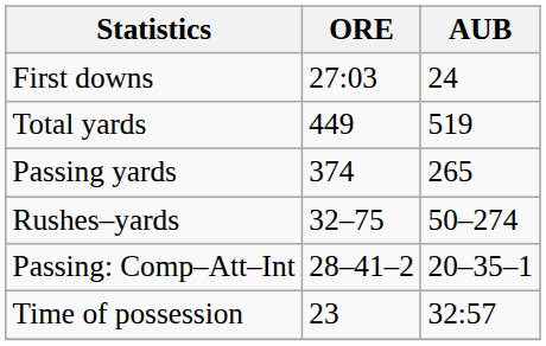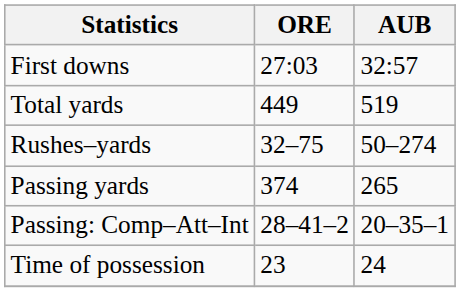 <table class="wikitable" style="float: left;">
 <tr>
 <th>Statistics</th>
 <th>ORE</th>
 <th>AUB</th>
 </tr>
 <tr>
 <td>First downs</td>
 <td>27:03</td>
-<td>24</td>
+<td>32:57</td>
 </tr>
 <tr>
 <td>Total yards</td>
 <td>449</td>
 <td>519</td>
 </tr>
 <tr>
+<td>Rushes–yards</td>
+<td>32–75</td>
+<td>50–274</td>
+</tr>
+<tr>
 <td>Passing yards</td>
 <td>374</td>
 <td>265</td>
-</tr>
-<tr>
-<td>Rushes–yards</td>
-<td>32–75</td>
-<td>50–274</td>
 </tr>
 <tr>
 <td>Passing: Comp–Att–Int</td>
 <td>28–41–2</td>
 <td>20–35–1</td>
 </tr>
 <tr>
 <td>Time of possession</td>
 <td>23</td>
-<td>32:57</td>
+<td>24</td>
 </tr>
 <tr>
 </tr>
 </table>
